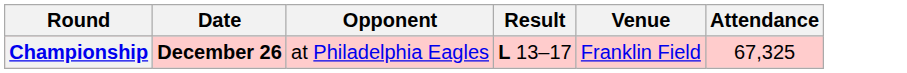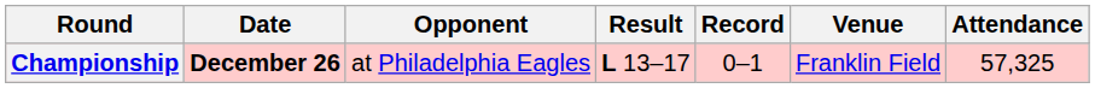 <table class="wikitable" style="text-align:center">
 <tr>
 <th>Round</th>
 <th>Date</th>
 <th>Opponent</th>
 <th>Result</th>
+<th>Record</th>
 <th>Venue</th>
 <th>Attendance</th>
 </tr>
 <tr style="background:#fcc">
 <th><a href='#'>Championship</a></th>
 <td><strong>December 26</strong></td>
 <td>at <a href='#'>Philadelphia Eagles</a></td>
 <td><strong>L</strong> 13–17</td>
+<td>0–1</td>
 <td><a href='#'>Franklin Field</a></td>
-<td>67,325</td>
+<td>57,325</td>
 </tr>
 </table>
